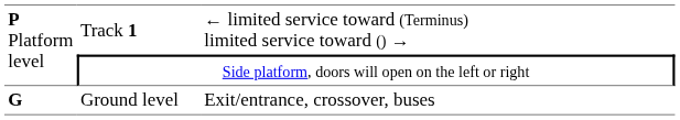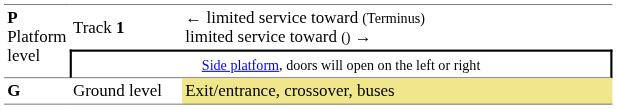 <table border="0" cellspacing="0" cellpadding="3">
 <tr>
 <td rowspan="2" style="border-top:solid 1px gray;border-bottom:solid 1px gray;" valign="top"><strong>P</strong><br>Platform level</td>
 <td style="border-top:solid 1px gray;">Track <strong>1</strong></td>
 <td style="border-top:solid 1px gray;">←  limited service toward  <small>(Terminus)</small><br>  limited service toward  <small>()</small> →</td>
 </tr>
 <tr>
 <td colspan="2" style="border-bottom:solid 1px gray;border-top:solid 2px black;border-right:solid 2px black;border-left:solid 2px black;text-align:center;"><small><a href='#'>Side platform</a>, doors will open on the left or right</small> </td>
 </tr>
 <tr>
 <td style="border-bottom:solid 1px gray;" width="50"><strong>G</strong></td>
 <td style="border-bottom:solid 1px gray;" width="100">Ground level</td>
-<td style="border-bottom:solid 1px gray;" width="400">Exit/entrance, crossover, buses</td>
+<td style="background: khaki; border-bottom:solid 1px gray;" width="400">Exit/entrance, crossover, buses</td>
 </tr>
 </table>
